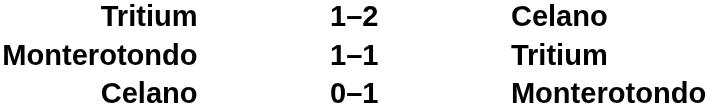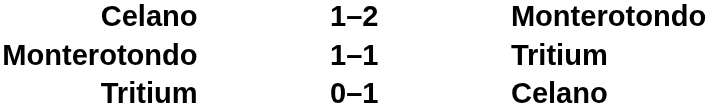 <table width="100%" cellspacing="1">
 <tr>
 <th width="20%"></th>
 <th width="12%"></th>
 <th width="20%"></th>
 <th></th>
 </tr>
 <tr style="font-size:90%;">
-<td align="right"><strong>Tritium</strong></td>
+<td align="right"><strong>Celano</strong></td>
 <td align="center"><strong>1–2</strong></td>
-<td align="left"><strong>Celano</strong></td>
+<td align="left"><strong>Monterotondo</strong></td>
 </tr>
 <tr style="font-size:90%;">
 <td align="right"><strong>Monterotondo</strong></td>
 <td align="center"><strong>1–1</strong></td>
 <td align="left"><strong>Tritium</strong></td>
 </tr>
 <tr style="font-size:90%;">
-<td align="right"><strong>Celano</strong></td>
+<td align="right"><strong>Tritium</strong></td>
 <td align="center"><strong>0–1</strong></td>
-<td align="left"><strong>Monterotondo</strong></td>
+<td align="left"><strong>Celano</strong></td>
 </tr>
 </table>
